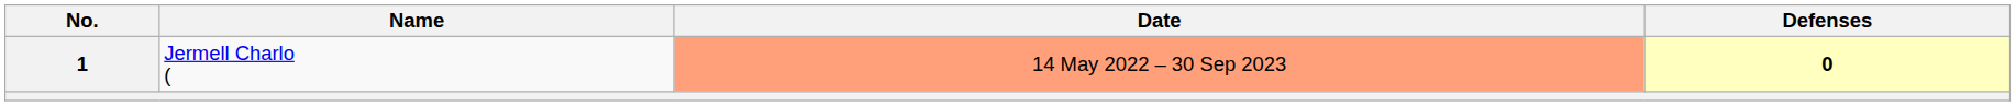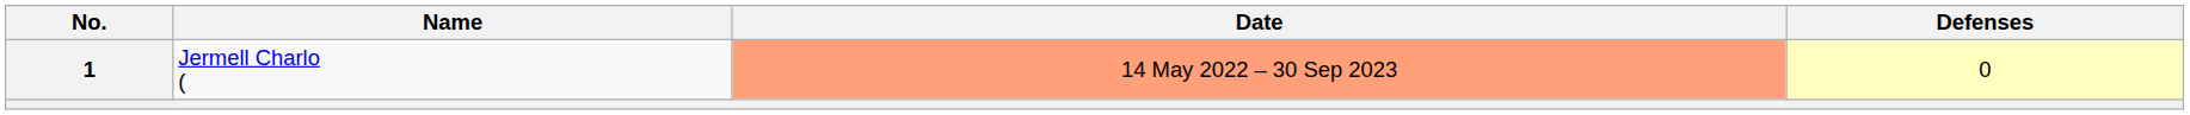 <table class="wikitable sortable" style="width:80%">
 <tr>
 <th>No.</th>
 <th>Name</th>
 <th>Date</th>
 <th>Defenses</th>
 </tr>
 <tr align=center>
 <th>1</th>
 <td align=left><a href='#'>Jermell Charlo</a><br>(</td>
 <td style="background: lightsalmon;">14 May 2022 – 30 Sep 2023</td>
-<td style="background:#ffffbf;"><strong>0</strong></td>
+<td style="background:#ffffbf;">0</td>
 </tr>
 <tr align=center>
 <th colspan="4"></th>
 </tr>
 </table>
